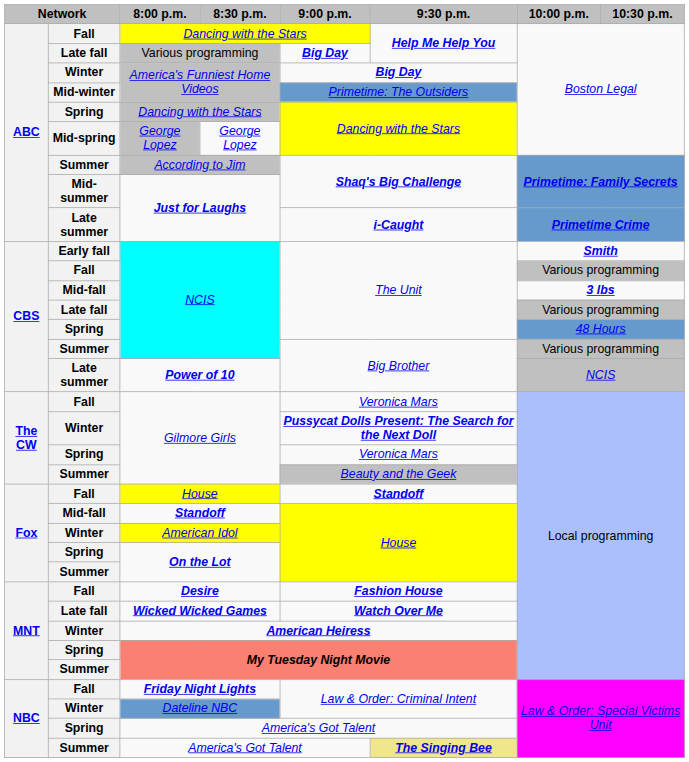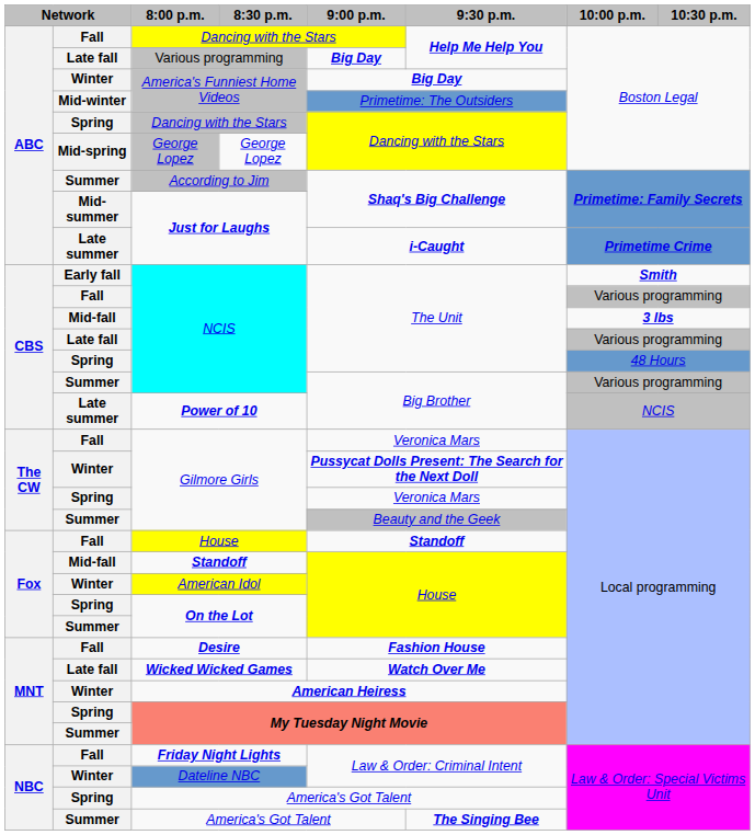 <table class="wikitable" style="width:100%;margin-right:0;text-align:center">
 <tr>
 <th colspan="2" style="background-color:#C0C0C0;text-align:center">Network</th>
 <th style="background-color:#C0C0C0;text-align:center">8:00 p.m.</th>
 <th style="background-color:#C0C0C0;text-align:center">8:30 p.m.</th>
 <th style="background-color:#C0C0C0;text-align:center">9:00 p.m.</th>
 <th style="background-color:#C0C0C0;text-align:center">9:30 p.m.</th>
 <th style="background-color:#C0C0C0;text-align:center">10:00 p.m.</th>
 <th style="background-color:#C0C0C0;text-align:center">10:30 p.m.</th>
 </tr>
 <tr>
 <th rowspan="9"><a href='#'>ABC</a></th>
 <th>Fall</th>
 <td colspan="3" style="background:yellow;"><em><a href='#'>Dancing with the Stars</a></em> </td>
 <td rowspan="2"><strong><em><a href='#'>Help Me Help You</a></em></strong></td>
 <td rowspan="6" colspan="2"><em><a href='#'>Boston Legal</a></em></td>
 </tr>
 <tr>
 <th>Late fall</th>
 <td colspan="2" style="background:#C0C0C0;">Various programming</td>
 <td><strong><em><a href='#'>Big Day</a></em></strong></td>
 </tr>
 <tr>
 <th>Winter</th>
 <td colspan="2" rowspan="2" style="background:#C0C0C0;"><em><a href='#'>America's Funniest Home Videos</a></em> </td>
 <td colspan="2"><strong><em><a href='#'>Big Day</a></em></strong></td>
 </tr>
 <tr>
 <th>Mid-winter</th>
 <td colspan="2" style="background:#6699CC;"><em><a href='#'>Primetime: The Outsiders</a></em></td>
 </tr>
 <tr>
 <th>Spring</th>
 <td colspan="2" style="background:#C0C0C0;"><em><a href='#'>Dancing with the Stars</a></em> </td>
 <td colspan="2" rowspan="2" style="background:yellow;"><em><a href='#'>Dancing with the Stars</a></em> </td>
 </tr>
 <tr>
 <th>Mid-spring</th>
 <td style="background:#C0C0C0;"><em><a href='#'>George Lopez</a></em> </td>
 <td><em><a href='#'>George Lopez</a></em></td>
 </tr>
 <tr>
 <th>Summer</th>
 <td colspan="2" style="background:#C0C0C0;"><em><a href='#'>According to Jim</a></em> </td>
 <td colspan="2" rowspan="2"><strong><em><a href='#'>Shaq's Big Challenge</a></em></strong></td>
 <td colspan="2" rowspan="2" style="background:#6699CC;"><strong><em><a href='#'>Primetime: Family Secrets</a></em></strong></td>
 </tr>
 <tr>
 <th>Mid-summer</th>
 <td colspan="2" rowspan="2"><strong><em><a href='#'>Just for Laughs</a></em></strong></td>
 </tr>
 <tr>
 <th>Late summer</th>
 <td colspan="2"><strong><em><a href='#'>i-Caught</a></em></strong></td>
 <td colspan="2" style="background:#6699CC;"><strong><em><a href='#'>Primetime Crime</a></em></strong></td>
 </tr>
 <tr>
 <th rowspan="7"><a href='#'>CBS</a></th>
 <th>Early fall</th>
 <td colspan="2" rowspan="6" style="background:cyan;"><em><a href='#'>NCIS</a></em> </td>
 <td colspan="2" rowspan="5"><em><a href='#'>The Unit</a></em></td>
 <td colspan="2"><strong><em><a href='#'>Smith</a></em></strong></td>
 </tr>
 <tr>
 <th>Fall</th>
 <td colspan="2" style="background:#C0C0C0;">Various programming</td>
 </tr>
 <tr>
 <th>Mid-fall</th>
 <td colspan="2"><strong><em><a href='#'>3 lbs</a></em></strong></td>
 </tr>
 <tr>
 <th>Late fall</th>
 <td colspan="2" style="background:#C0C0C0;">Various programming</td>
 </tr>
 <tr>
 <th>Spring</th>
 <td colspan="2" style="background:#6699CC;"><em><a href='#'>48 Hours</a></em> </td>
 </tr>
 <tr>
 <th>Summer</th>
 <td colspan="2" rowspan="2"><em><a href='#'>Big Brother</a></em></td>
 <td colspan="2" style="background:#C0C0C0;">Various programming</td>
 </tr>
 <tr>
 <th>Late summer</th>
 <td colspan="2"><strong><em><a href='#'>Power of 10</a></em></strong></td>
 <td colspan="2" style="background:#C0C0C0;"><em><a href='#'>NCIS</a></em> </td>
 </tr>
 <tr>
 <th rowspan="4"><a href='#'>The CW</a></th>
 <th>Fall</th>
 <td colspan="2" rowspan="4"><em><a href='#'>Gilmore Girls</a></em></td>
 <td colspan="2"><em><a href='#'>Veronica Mars</a></em></td>
 <td colspan="2" rowspan="14" style="background:#abbfff;">Local programming</td>
 </tr>
 <tr>
 <th>Winter</th>
 <td colspan="2"><strong><em><a href='#'>Pussycat Dolls Present: The Search for the Next Doll</a></em></strong></td>
 </tr>
 <tr>
 <th>Spring</th>
 <td colspan="2"><em><a href='#'>Veronica Mars</a></em></td>
 </tr>
 <tr>
 <th>Summer</th>
 <td colspan="2" style="background:#C0C0C0;"><em><a href='#'>Beauty and the Geek</a></em> </td>
 </tr>
 <tr>
 <th rowspan="5"><a href='#'>Fox</a></th>
 <th>Fall</th>
 <td colspan="2" style="background:yellow;"><em><a href='#'>House</a></em> </td>
 <td colspan="2"><strong><em><a href='#'>Standoff</a></em></strong></td>
 </tr>
 <tr>
 <th>Mid-fall</th>
 <td colspan="2"><strong><em><a href='#'>Standoff</a></em></strong></td>
 <td colspan="2" rowspan="4" style="background:yellow;"><em><a href='#'>House</a></em> </td>
 </tr>
 <tr>
 <th>Winter</th>
 <td colspan="2" style="background:yellow;"><em><a href='#'>American Idol</a></em> </td>
 </tr>
 <tr>
 <th>Spring</th>
 <td colspan="2" rowspan="2"><strong><em><a href='#'>On the Lot</a></em></strong></td>
 </tr>
 <tr>
 <th>Summer</th>
 </tr>
 <tr>
 <th rowspan="5"><a href='#'>MNT</a></th>
 <th>Fall</th>
 <td colspan="2"><strong><em><a href='#'>Desire</a></em></strong></td>
 <td colspan="2"><strong><em><a href='#'>Fashion House</a></em></strong></td>
 </tr>
 <tr>
 <th>Late fall</th>
 <td colspan="2"><strong><em><a href='#'>Wicked Wicked Games</a></em></strong></td>
 <td colspan="2"><strong><em><a href='#'>Watch Over Me</a></em></strong></td>
 </tr>
 <tr>
 <th>Winter</th>
 <td colspan="4"><strong><em><a href='#'>American Heiress</a></em></strong></td>
 </tr>
 <tr>
 <th>Spring</th>
 <td colspan="4" rowspan="2" style="background:#FA8072;"><strong><em>My Tuesday Night Movie</em></strong></td>
 </tr>
 <tr>
 <th>Summer</th>
 </tr>
 <tr>
 <th rowspan="4"><a href='#'>NBC</a></th>
 <th>Fall</th>
 <td colspan="2"><strong><em><a href='#'>Friday Night Lights</a></em></strong></td>
 <td colspan="2" rowspan="2"><em><a href='#'>Law & Order: Criminal Intent</a></em></td>
 <td colspan="2" rowspan="4" style="background:magenta;"><em><a href='#'>Law & Order: Special Victims Unit</a></em> </td>
 </tr>
 <tr>
 <th>Winter</th>
 <td colspan="2" style="background:#6699CC;"><em><a href='#'>Dateline NBC</a></em></td>
 </tr>
 <tr>
 <th>Spring</th>
 <td colspan="4"><em><a href='#'>America's Got Talent</a></em></td>
 </tr>
 <tr>
 <th>Summer</th>
 <td colspan="3"><em><a href='#'>America's Got Talent</a></em></td>
-<td style="background: khaki;"><strong><em><a href='#'>The Singing Bee</a></em></strong></td>
+<td><strong><em><a href='#'>The Singing Bee</a></em></strong></td>
 </tr>
 </table>
